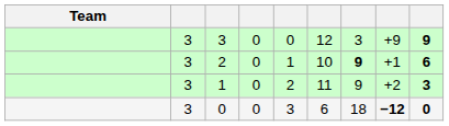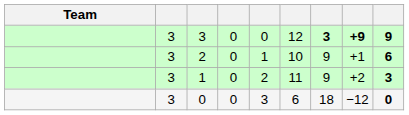 <table class="wikitable" style="text-align:center;">
 <tr>
 <th width=175>Team</th>
 <th width=30></th>
 <th width=30></th>
 <th width=30></th>
 <th width=30></th>
 <th width=30></th>
 <th width=30></th>
 <th width=30></th>
 <th width=30></th>
 </tr>
 <tr align=center style="background:#ccffcc;">
 <td style="text-align:left;"></td>
 <td>3</td>
 <td>3</td>
 <td>0</td>
 <td>0</td>
 <td>12</td>
-<td>3</td>
-<td>+9</td>
+<td><strong>3</strong></td>
+<td><strong>+9</strong></td>
 <td><strong>9</strong></td>
 </tr>
 <tr align=center style="background:#ccffcc;">
 <td style="text-align:left;"></td>
 <td>3</td>
 <td>2</td>
 <td>0</td>
 <td>1</td>
 <td>10</td>
-<td><strong>9</strong></td>
+<td>9</td>
 <td>+1</td>
 <td><strong>6</strong></td>
 </tr>
 <tr align=center style="background:#ccffcc;">
 <td style="text-align:left;"></td>
 <td>3</td>
 <td>1</td>
 <td>0</td>
 <td>2</td>
 <td>11</td>
 <td>9</td>
 <td>+2</td>
 <td><strong>3</strong></td>
 </tr>
 <tr align=center style="background:#f5f5f5;">
 <td style="text-align:left;"></td>
 <td>3</td>
 <td>0</td>
 <td>0</td>
 <td>3</td>
 <td>6</td>
 <td>18</td>
-<td><strong>−12</strong></td>
+<td>−12</td>
 <td><strong>0</strong></td>
 </tr>
 </table>
